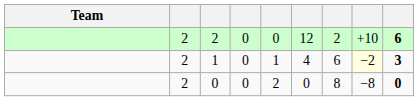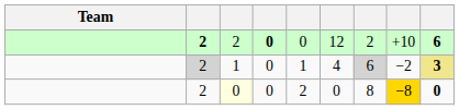 <table class="wikitable" style="text-align: center; font-size: 90%;">
 <tr>
 <th width=165>Team</th>
 <th width=25></th>
 <th width=25></th>
 <th width=25></th>
 <th width=25></th>
 <th width=25></th>
 <th width=25></th>
 <th width=25></th>
 <th width=25></th>
 </tr>
 <tr style="background:#ccffcc">
 <td style="text-align:left;"></td>
+<td><strong>2</strong></td>
 <td>2</td>
-<td>2</td>
-<td>0</td>
+<td><strong>0</strong></td>
 <td>0</td>
 <td>12</td>
 <td>2</td>
 <td>+10</td>
 <td><strong>6</strong></td>
 </tr>
 <tr>
 <td style="text-align:left;"></td>
-<td>2</td>
+<td style="background: lightgrey;">2</td>
 <td>1</td>
 <td>0</td>
 <td>1</td>
 <td>4</td>
-<td>6</td>
-<td style="background: lightyellow;">−2</td>
-<td><strong>3</strong></td>
+<td style="background: lightgrey;">6</td>
+<td>−2</td>
+<td style="background: khaki;"><strong>3</strong></td>
 </tr>
 <tr>
 <td style="text-align:left;"></td>
 <td>2</td>
-<td>0</td>
+<td style="background: lightyellow;">0</td>
 <td>0</td>
 <td>2</td>
 <td>0</td>
 <td>8</td>
-<td>−8</td>
+<td style="background: gold;">−8</td>
 <td><strong>0</strong></td>
 </tr>
 </table>
